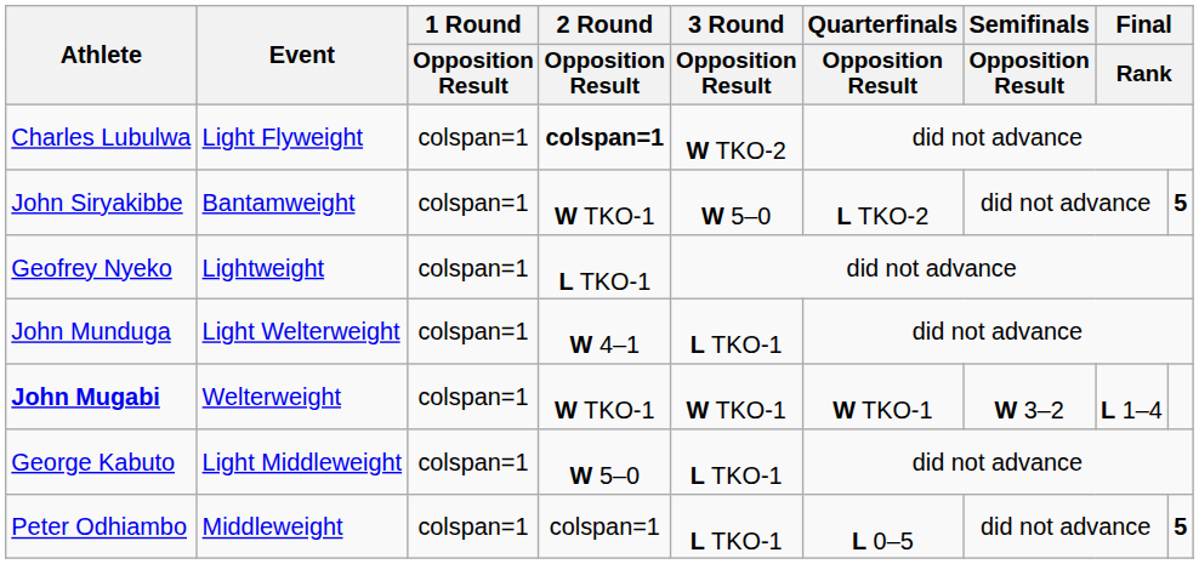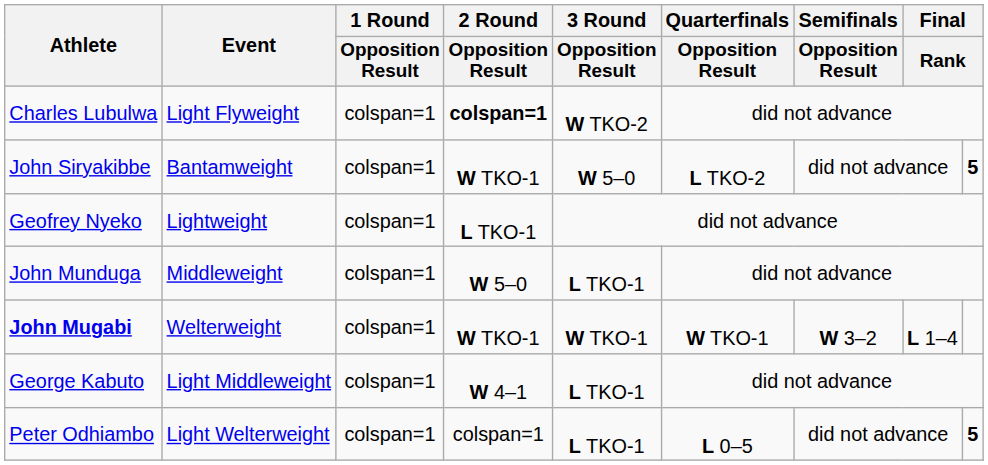 <table class="wikitable" style="font-size:90%">
 <tr>
 <th rowspan="2">Athlete</th>
 <th rowspan="2">Event</th>
 <th>1 Round</th>
 <th>2 Round</th>
 <th>3 Round</th>
 <th>Quarterfinals</th>
 <th>Semifinals</th>
 <th colspan=2>Final</th>
 </tr>
 <tr style="font-size:95%">
 <th>Opposition<br>Result</th>
 <th>Opposition<br>Result</th>
 <th>Opposition<br>Result</th>
 <th>Opposition<br>Result</th>
 <th>Opposition<br>Result</th>
 <th colspan=2>Rank</th>
 </tr>
 <tr align=center>
 <td align=left><a href='#'>Charles Lubulwa</a></td>
 <td align=left><a href='#'>Light Flyweight</a></td>
 <td>colspan=1 </td>
 <td><strong>colspan=1 </strong></td>
 <td><br><strong>W</strong> TKO-2</td>
 <td colspan=4>did not advance</td>
 </tr>
 <tr align=center>
 <td align=left><a href='#'>John Siryakibbe</a></td>
 <td align=left><a href='#'>Bantamweight</a></td>
 <td>colspan=1 </td>
 <td><br><strong>W</strong> TKO-1</td>
 <td><br><strong>W</strong> 5–0</td>
 <td><br><strong>L</strong> TKO-2</td>
 <td colspan=2>did not advance</td>
 <td><strong>5</strong></td>
 </tr>
 <tr align=center>
 <td align=left><a href='#'>Geofrey Nyeko</a></td>
 <td align=left><a href='#'>Lightweight</a></td>
 <td>colspan=1 </td>
 <td><br><strong>L</strong> TKO-1</td>
 <td colspan=5>did not advance</td>
 </tr>
 <tr align=center>
 <td align=left><a href='#'>John Munduga</a></td>
-<td align=left><a href='#'>Light Welterweight</a></td>
+<td align=left><a href='#'>Middleweight</a></td>
 <td>colspan=1 </td>
-<td><br><strong>W</strong> 4–1</td>
+<td><br><strong>W</strong> 5–0</td>
 <td><br><strong>L</strong> TKO-1</td>
 <td colspan=5>did not advance</td>
 </tr>
 <tr align=center>
 <td align=left><strong><a href='#'>John Mugabi</a></strong></td>
 <td align=left><a href='#'>Welterweight</a></td>
 <td>colspan=1 </td>
 <td><br><strong>W</strong> TKO-1</td>
 <td><br><strong>W</strong> TKO-1</td>
 <td><br><strong>W</strong> TKO-1</td>
 <td><br><strong>W</strong> 3–2</td>
 <td><br><strong>L</strong> 1–4</td>
 <td></td>
 </tr>
 <tr align=center>
 <td align=left><a href='#'>George Kabuto</a></td>
 <td align=left><a href='#'>Light Middleweight</a></td>
 <td>colspan=1 </td>
-<td><br><strong>W</strong> 5–0</td>
+<td><br><strong>W</strong> 4–1</td>
 <td><br><strong>L</strong> TKO-1</td>
 <td colspan=5>did not advance</td>
 </tr>
 <tr align=center>
 <td align=left><a href='#'>Peter Odhiambo</a></td>
-<td align=left><a href='#'>Middleweight</a></td>
+<td align=left><a href='#'>Light Welterweight</a></td>
 <td>colspan=1 </td>
 <td>colspan=1 </td>
 <td><br><strong>L</strong> TKO-1</td>
 <td><br><strong>L</strong> 0–5</td>
 <td colspan=2>did not advance</td>
 <td><strong>5</strong></td>
 </tr>
 </table>
